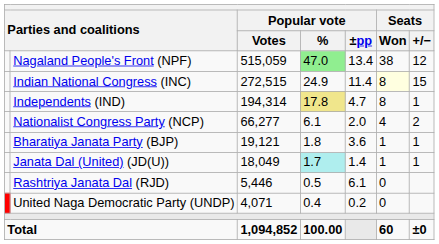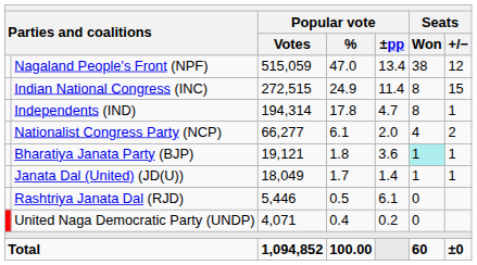 <table class="wikitable">
 <tr>
 <th colspan=7></th>
 </tr>
 <tr>
 <th style="text-align:left;" colspan="2" rowspan="2">Parties and coalitions</th>
 <th colspan="3">Popular vote</th>
 <th colspan="2">Seats</th>
 </tr>
 <tr bgcolor="#cccccc" align="center">
 <th>Votes</th>
 <th><strong>%</strong></th>
 <th><strong>±</strong><a href='#'>pp</a></th>
 <th>Won</th>
 <th><strong>+/−</strong></th>
 </tr>
 <tr>
 <td style="color:inherit;background:"></td>
 <td><a href='#'>Nagaland People's Front</a> (NPF)</td>
 <td>515,059</td>
-<td style="background: lightgreen;">47.0</td>
+<td>47.0</td>
 <td>13.4</td>
 <td>38</td>
 <td>12</td>
 </tr>
 <tr>
 <td style="color:inherit;background:"></td>
 <td><a href='#'>Indian National Congress</a> (INC)</td>
 <td>272,515</td>
 <td>24.9</td>
 <td>11.4</td>
-<td style="background: lightyellow;">8</td>
+<td>8</td>
 <td>15</td>
 </tr>
 <tr>
 <td style="color:inherit;background:"></td>
 <td><a href='#'>Independents</a> (IND)</td>
 <td>194,314</td>
-<td style="background: khaki;">17.8</td>
+<td>17.8</td>
 <td>4.7</td>
 <td>8</td>
 <td>1</td>
 </tr>
 <tr>
 <td style="color:inherit;background:"></td>
 <td><a href='#'>Nationalist Congress Party</a> (NCP)</td>
 <td>66,277</td>
 <td>6.1</td>
 <td>2.0</td>
 <td>4</td>
 <td>2</td>
 </tr>
 <tr>
 <td style="color:inherit;background:"></td>
 <td><a href='#'>Bharatiya Janata Party</a> (BJP)</td>
 <td>19,121</td>
 <td>1.8</td>
 <td>3.6</td>
-<td>1</td>
+<td style="background: paleturquoise;">1</td>
 <td>1</td>
 </tr>
 <tr>
 <td style="color:inherit;background:"></td>
 <td><a href='#'>Janata Dal (United)</a> (JD(U))</td>
 <td>18,049</td>
-<td style="background: paleturquoise;">1.7</td>
+<td>1.7</td>
 <td>1.4</td>
 <td>1</td>
 <td>1</td>
 </tr>
 <tr>
 <td style="color:inherit;background:"></td>
 <td><a href='#'>Rashtriya Janata Dal</a> (RJD)</td>
 <td>5,446</td>
 <td>0.5</td>
 <td>6.1</td>
 <td>0</td>
 <td></td>
 </tr>
 <tr>
 <td bgcolor="red"></td>
 <td>United Naga Democratic Party (UNDP)</td>
 <td>4,071</td>
 <td>0.4</td>
 <td>0.2</td>
 <td>0</td>
 <td></td>
 </tr>
 <tr>
 <td colspan="7" bgcolor="#E9E9E9"></td>
 </tr>
 <tr style="font-weight:bold;">
 <td colspan="2" align="left">Total</td>
 <td>1,094,852</td>
 <td>100.00</td>
 <td style="color:inherit;background:#E9E9E9"></td>
 <td>60</td>
 <td>±0</td>
 </tr>
 </table>
